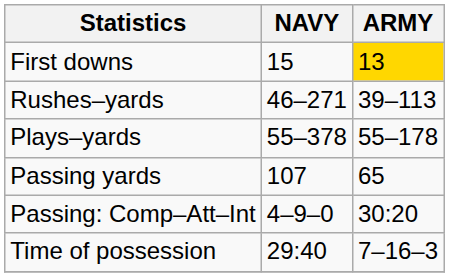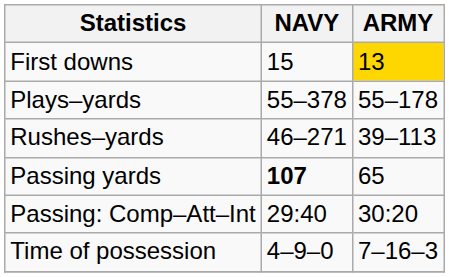 <table class="wikitable" style="float: left;">
 <tr>
 <th>Statistics</th>
 <th>NAVY</th>
 <th>ARMY</th>
 </tr>
 <tr>
 <td>First downs</td>
 <td>15</td>
 <td style="background: gold;">13</td>
 </tr>
 <tr>
+<td>Plays–yards</td>
+<td>55–378</td>
+<td>55–178</td>
+</tr>
+<tr>
 <td>Rushes–yards</td>
 <td>46–271</td>
 <td>39–113</td>
 </tr>
 <tr>
-<td>Plays–yards</td>
-<td>55–378</td>
-<td>55–178</td>
-</tr>
-<tr>
 <td>Passing yards</td>
-<td>107</td>
+<td><strong>107</strong></td>
 <td>65</td>
 </tr>
 <tr>
 <td>Passing: Comp–Att–Int</td>
-<td>4–9–0</td>
+<td>29:40</td>
 <td>30:20</td>
 </tr>
 <tr>
 <td>Time of possession</td>
-<td>29:40</td>
+<td>4–9–0</td>
 <td>7–16–3</td>
 </tr>
 <tr>
 </tr>
 </table>
